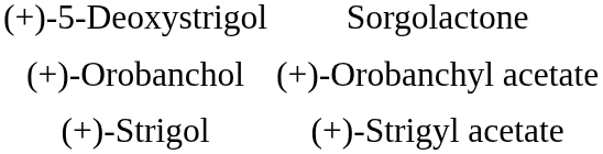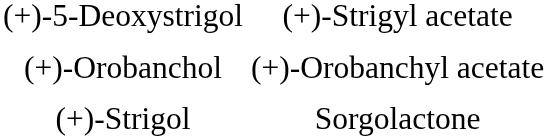 <table>
 <tr>
 <td></td>
 <td></td>
 </tr>
 <tr align="center">
 <td>(+)-5-Deoxystrigol</td>
-<td>Sorgolactone</td>
+<td>(+)-Strigyl acetate</td>
 </tr>
 <tr>
 <td></td>
 <td></td>
 </tr>
 <tr align="center">
 <td>(+)-Orobanchol</td>
 <td>(+)-Orobanchyl acetate</td>
 </tr>
 <tr>
 <td></td>
 <td></td>
 </tr>
 <tr align="center">
 <td>(+)-Strigol</td>
-<td>(+)-Strigyl acetate</td>
+<td>Sorgolactone</td>
 </tr>
 </table>
